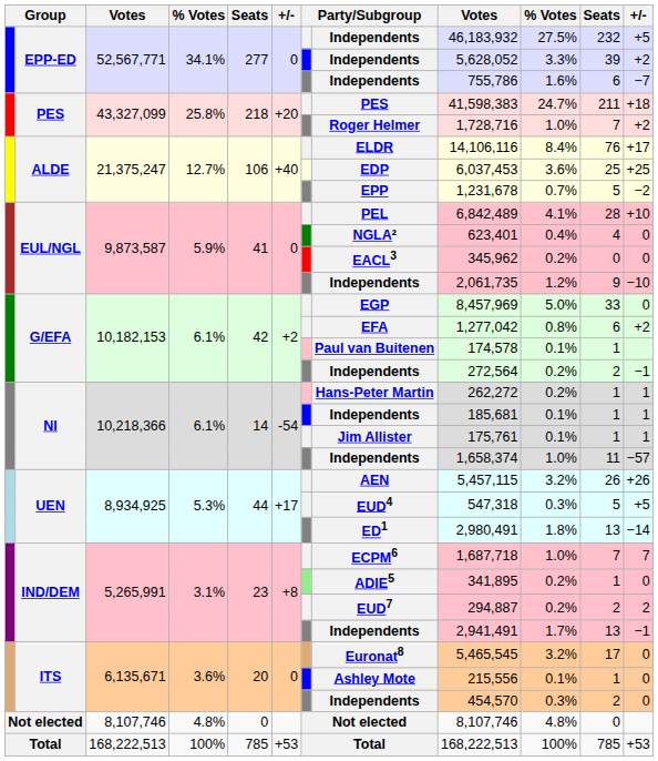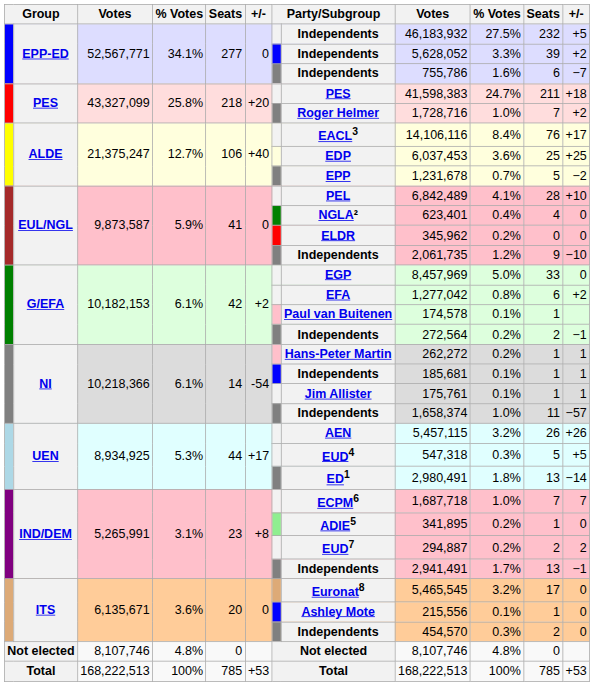 <table class="wikitable" style="text-align:right">
 <tr>
 <th colspan="2">Group</th>
 <th>Votes</th>
 <th>% Votes</th>
 <th>Seats</th>
 <th>+/-</th>
 <th colspan="2">Party/Subgroup</th>
 <th>Votes</th>
 <th>% Votes</th>
 <th>Seats</th>
 <th>+/-</th>
 </tr>
 <tr BGCOLOR="#ddddff">
 <th rowspan="3" style="background-color:blue"> </th>
 <th rowspan="3"><a href='#'>EPP-ED</a></th>
 <td rowspan="3">52,567,771</td>
 <td rowspan="3">34.1%</td>
 <td rowspan="3">277</td>
 <td rowspan="3">0</td>
 <th style="background-color:"> </th>
 <th>Independents</th>
 <td>46,183,932</td>
 <td>27.5%</td>
 <td>232</td>
 <td>+5</td>
 </tr>
 <tr BGCOLOR="#ddddff">
 <th style="background-color:blue; width: 3px;"> </th>
 <th>Independents</th>
 <td>5,628,052</td>
 <td>3.3%</td>
 <td>39</td>
 <td>+2</td>
 </tr>
 <tr BGCOLOR="#ddddff">
 <th style="background-color:gray; width: 3px;"> </th>
 <th>Independents</th>
 <td>755,786</td>
 <td>1.6%</td>
 <td>6</td>
 <td>−7</td>
 </tr>
 <tr BGCOLOR="#ffdddd">
 <th rowspan="2" style="background-color:red; width:3px;"> </th>
 <th rowspan="2"><a href='#'>PES</a></th>
 <td rowspan="2">43,327,099</td>
 <td rowspan="2">25.8%</td>
 <td rowspan="2">218</td>
 <td rowspan="2">+20</td>
 <th style="background-color:"> </th>
 <th><a href='#'>PES</a></th>
 <td>41,598,383</td>
 <td>24.7%</td>
 <td>211</td>
 <td>+18</td>
 </tr>
 <tr BGCOLOR="#ffdddd">
 <th style="background-color:gray; width: 3px;"> </th>
 <th><a href='#'>Roger Helmer</a></th>
 <td>1,728,716</td>
 <td>1.0%</td>
 <td>7</td>
 <td>+2</td>
 </tr>
 <tr BGCOLOR="#ffffdd">
 <th rowspan="3" style="background-color:yellow; width:3px;"> </th>
 <th rowspan="3"><a href='#'>ALDE</a></th>
 <td rowspan="3">21,375,247</td>
 <td rowspan="3">12.7%</td>
 <td rowspan="3">106</td>
 <td rowspan="3">+40</td>
 <th style="background-color:"> </th>
-<th><a href='#'>ELDR</a></th>
+<th><a href='#'>EACL</a><sup>3</sup></th>
 <td>14,106,116</td>
 <td>8.4%</td>
 <td>76</td>
 <td>+17</td>
 </tr>
 <tr BGCOLOR="#ffffdd">
 <td style="background-color:"></td>
 <th><a href='#'>EDP</a></th>
 <td>6,037,453</td>
 <td>3.6%</td>
 <td>25</td>
 <td>+25</td>
 </tr>
 <tr BGCOLOR="#ffffdd">
 <th style="background-color:gray; width: 3px;"> </th>
 <th><a href='#'>EPP</a></th>
 <td>1,231,678</td>
 <td>0.7%</td>
 <td>5</td>
 <td>−2</td>
 </tr>
 <tr BGCOLOR="#ffc0cb">
 <th rowspan="4" style="background-color:brown; width: 3px;"> </th>
 <th rowspan="4"><a href='#'>EUL/NGL</a></th>
 <td rowspan="4">9,873,587</td>
 <td rowspan="4">5.9%</td>
 <td rowspan="4">41</td>
 <td rowspan="4">0</td>
 <th style="background-color:"> </th>
 <th><a href='#'>PEL</a></th>
 <td>6,842,489</td>
 <td>4.1%</td>
 <td>28</td>
 <td>+10</td>
 </tr>
 <tr BGCOLOR="#ffc0cb">
 <th style="background-color:green; width: 3px;"> </th>
 <th><a href='#'>NGLA</a>²</th>
 <td>623,401</td>
 <td>0.4%</td>
 <td>4</td>
 <td>0</td>
 </tr>
 <tr BGCOLOR="#ffc0cb">
 <th style="background-color:red; width: 3px;"> </th>
-<th><a href='#'>EACL</a><sup>3</sup></th>
+<th><a href='#'>ELDR</a></th>
 <td>345,962</td>
 <td>0.2%</td>
 <td>0</td>
 <td>0</td>
 </tr>
 <tr BGCOLOR="#ffc0cb">
 <th style="background-color:gray; width: 3px;"> </th>
 <th>Independents</th>
 <td>2,061,735</td>
 <td>1.2%</td>
 <td>9</td>
 <td>−10</td>
 </tr>
 <tr BGCOLOR="#ddffdd">
 <th rowspan="4" style="background-color:green; width: 3px;"> </th>
 <th rowspan="4"><a href='#'>G/EFA</a></th>
 <td rowspan="4">10,182,153</td>
 <td rowspan="4">6.1%</td>
 <td rowspan="4">42</td>
 <td rowspan="4">+2</td>
 <th style="background-color:"> </th>
 <th><a href='#'>EGP</a></th>
 <td>8,457,969</td>
 <td>5.0%</td>
 <td>33</td>
 <td>0</td>
 </tr>
 <tr BGCOLOR="#ddffdd">
 <th style="background-color:"> </th>
 <th><a href='#'>EFA</a></th>
 <td>1,277,042</td>
 <td>0.8%</td>
 <td>6</td>
 <td>+2</td>
 </tr>
 <tr BGCOLOR="#ddffdd">
 <td style="background-color:pink"></td>
 <th><a href='#'>Paul van Buitenen</a></th>
 <td>174,578</td>
 <td>0.1%</td>
 <td>1</td>
 <td></td>
 </tr>
 <tr BGCOLOR="#ddffdd">
 <th style="background-color:gray; width: 3px;"> </th>
 <th>Independents</th>
 <td>272,564</td>
 <td>0.2%</td>
 <td>2</td>
 <td>−1</td>
 </tr>
 <tr BGCOLOR="#dcdcdc">
 <th rowspan="4" style="background-color:gray; width: 3px;"> </th>
 <th rowspan="4"><a href='#'>NI</a></th>
 <td rowspan="4">10,218,366</td>
 <td rowspan="4">6.1%</td>
 <td rowspan="4">14</td>
 <td rowspan="4">-54</td>
 <th style="background-color:pink; width: 3px;"> </th>
 <th><a href='#'>Hans-Peter Martin</a></th>
 <td>262,272</td>
 <td>0.2%</td>
 <td>1</td>
 <td>1</td>
 </tr>
 <tr BGCOLOR="#dcdcdc">
 <th style="background-color:blue; width: 3px;"> </th>
 <th>Independents</th>
 <td>185,681</td>
 <td>0.1%</td>
 <td>1</td>
 <td>1</td>
 </tr>
 <tr BGCOLOR="#dcdcdc">
 <th style="background-color:"> </th>
 <th><a href='#'>Jim Allister</a></th>
 <td>175,761</td>
 <td>0.1%</td>
 <td>1</td>
 <td>1</td>
 </tr>
 <tr BGCOLOR="#dcdcdc">
 <th style="background-color:gray; width: 3px;"> </th>
 <th>Independents</th>
 <td>1,658,374</td>
 <td>1.0%</td>
 <td>11</td>
 <td>−57</td>
 </tr>
 <tr BGCOLOR="#e0ffff">
 <th rowspan="3" style="background-color:lightblue; width: 3px;"> </th>
 <th rowspan="3"><a href='#'>UEN</a></th>
 <td rowspan="3">8,934,925</td>
 <td rowspan="3">5.3%</td>
 <td rowspan="3">44</td>
 <td rowspan="3">+17</td>
 <th style="background-color:"> </th>
 <th><a href='#'>AEN</a></th>
 <td>5,457,115</td>
 <td>3.2%</td>
 <td>26</td>
 <td>+26</td>
 </tr>
 <tr BGCOLOR="#e0ffff">
 <th style="background-color:"> </th>
 <th><a href='#'>EUD</a><sup>4</sup></th>
 <td>547,318</td>
 <td>0.3%</td>
 <td>5</td>
 <td>+5</td>
 </tr>
 <tr BGCOLOR="#e0ffff">
 <th style="background-color:gray; width: 3px;"> </th>
 <th><a href='#'>ED</a><sup>1</sup></th>
 <td>2,980,491</td>
 <td>1.8%</td>
 <td>13</td>
 <td>−14</td>
 </tr>
 <tr BGCOLOR="pink">
 <th rowspan="4" style="background-color:purple; width: 3px;"> </th>
 <th rowspan="4"><a href='#'>IND/DEM</a></th>
 <td rowspan="4">5,265,991</td>
 <td rowspan="4">3.1%</td>
 <td rowspan="4">23</td>
 <td rowspan="4">+8</td>
 <th style="background-color:"></th>
 <th><a href='#'>ECPM</a><sup>6</sup></th>
 <td>1,687,718</td>
 <td>1.0%</td>
 <td>7</td>
 <td>7</td>
 </tr>
 <tr BGCOLOR="pink">
 <th style="background-color:lightgreen; width: 3px;"> </th>
 <th><a href='#'>ADIE</a><sup>5</sup></th>
 <td>341,895</td>
 <td>0.2%</td>
 <td>1</td>
 <td>0</td>
 </tr>
 <tr BGCOLOR="pink">
 <th style="background-color:"> </th>
 <th><a href='#'>EUD</a><sup>7</sup></th>
 <td>294,887</td>
 <td>0.2%</td>
 <td>2</td>
 <td>2</td>
 </tr>
 <tr BGCOLOR="pink">
 <th style="background-color:gray; width: 3px;"> </th>
 <th>Independents</th>
 <td>2,941,491</td>
 <td>1.7%</td>
 <td>13</td>
 <td>−1</td>
 </tr>
 <tr BGCOLOR="#FFCC99">
 <th rowspan="3" style="background-color:#DDAA77; width: 3px;"> </th>
 <th rowspan="3"><a href='#'>ITS</a></th>
 <td rowspan="3">6,135,671</td>
 <td rowspan="3">3.6%</td>
 <td rowspan="3">20</td>
 <td rowspan="3">0</td>
 <th style="background-color:#DDAA77; width: 3px;"> </th>
 <th><a href='#'>Euronat</a><sup>8</sup></th>
 <td>5,465,545</td>
 <td>3.2%</td>
 <td>17</td>
 <td>0</td>
 </tr>
 <tr BGCOLOR="#FFCC99">
 <th style="background-color:blue; width: 3px;"> </th>
 <th><a href='#'>Ashley Mote</a></th>
 <td>215,556</td>
 <td>0.1%</td>
 <td>1</td>
 <td>0</td>
 </tr>
 <tr BGCOLOR="#FFCC99">
 <th style="background-color:gray; width: 3px;"> </th>
 <th>Independents</th>
 <td>454,570</td>
 <td>0.3%</td>
 <td>2</td>
 <td>0</td>
 </tr>
 <tr>
 <th colspan="2">Not elected</th>
 <td>8,107,746</td>
 <td>4.8%</td>
 <td>0</td>
 <td> </td>
 <th colspan="2">Not elected</th>
 <td>8,107,746</td>
 <td>4.8%</td>
 <td>0</td>
 <td> </td>
 </tr>
 <tr>
 <th colspan="2">Total</th>
 <td>168,222,513</td>
 <td>100%</td>
 <td>785</td>
 <td>+53</td>
 <th colspan="2">Total</th>
 <td>168,222,513</td>
 <td>100%</td>
 <td>785</td>
 <td>+53</td>
 </tr>
 </table>
